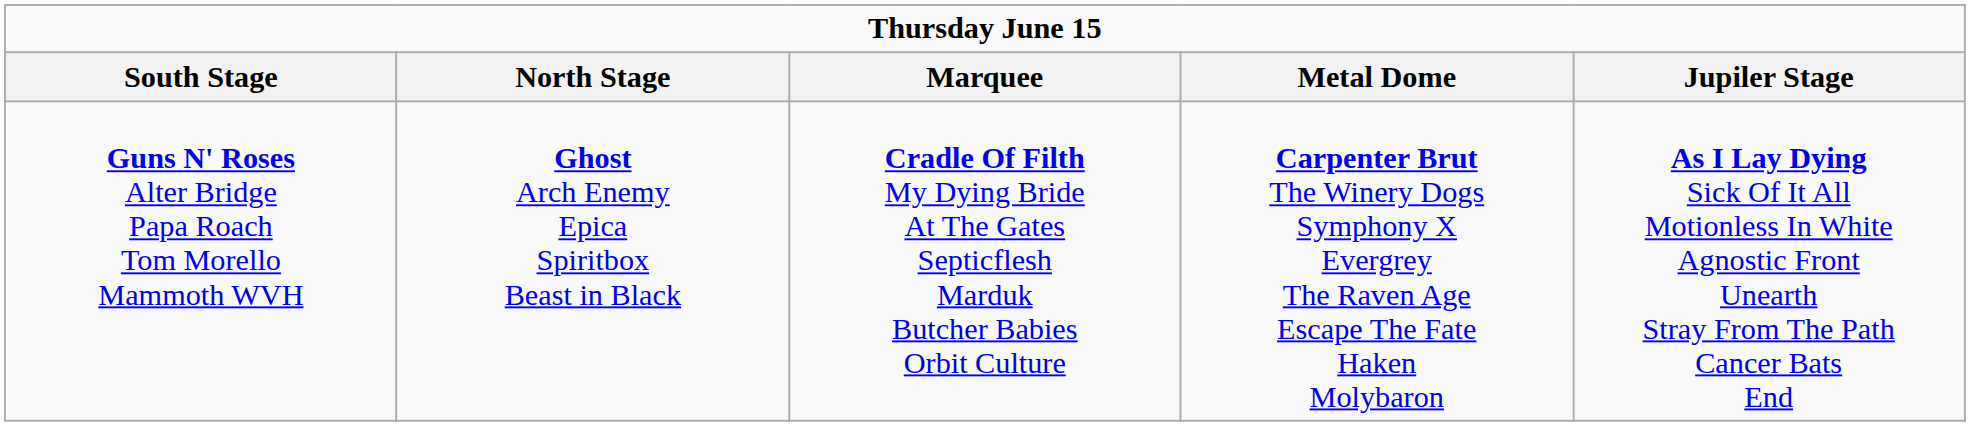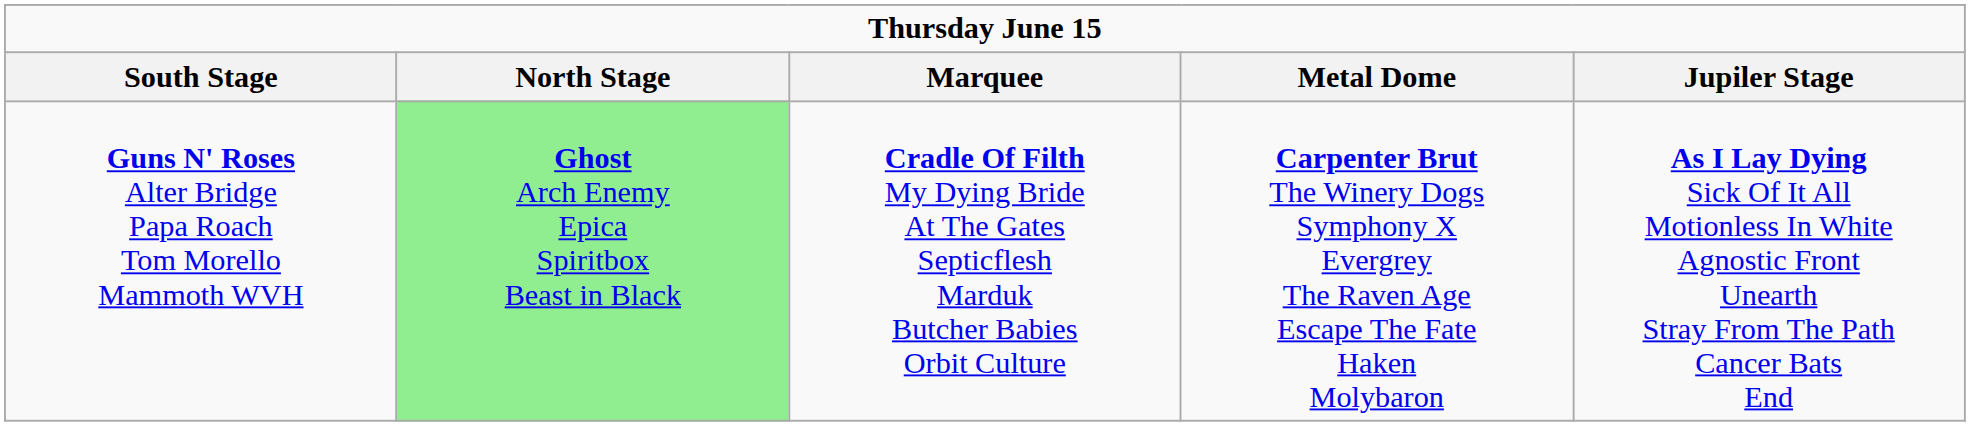 <table class="wikitable">
 <tr>
 <td colspan="5" style="text-align:center;"><strong>Thursday June 15</strong></td>
 </tr>
 <tr>
 <th>South Stage</th>
 <th>North Stage</th>
 <th>Marquee</th>
 <th>Metal Dome</th>
 <th>Jupiler Stage</th>
 </tr>
 <tr>
 <td style="text-align:center; vertical-align:top; width:200px;"><br><strong><a href='#'>Guns N' Roses</a></strong> <br> <a href='#'>Alter Bridge</a> <br> <a href='#'>Papa Roach</a> <br> <a href='#'>Tom Morello</a> <br> <a href='#'>Mammoth WVH</a> <br></td>
-<td style="text-align:center; vertical-align:top; width:200px;"><br><strong><a href='#'>Ghost</a></strong> <br> <a href='#'>Arch Enemy</a> <br> <a href='#'>Epica</a> <br> <a href='#'>Spiritbox</a> <br> <a href='#'>Beast in Black</a> <br></td>
+<td style="background: lightgreen; text-align:center; vertical-align:top; width:200px;"><br><strong><a href='#'>Ghost</a></strong> <br> <a href='#'>Arch Enemy</a> <br> <a href='#'>Epica</a> <br> <a href='#'>Spiritbox</a> <br> <a href='#'>Beast in Black</a> <br></td>
 <td style="text-align:center; vertical-align:top; width:200px;"><br><strong><a href='#'>Cradle Of Filth</a></strong> <br> <a href='#'>My Dying Bride</a> <br> <a href='#'>At The Gates</a> <br> <a href='#'>Septicflesh</a> <br> <a href='#'>Marduk</a> <br> <a href='#'>Butcher Babies</a> <br> <a href='#'>Orbit Culture</a> <br></td>
 <td style="text-align:center; vertical-align:top; width:200px;"><br><strong><a href='#'>Carpenter Brut</a></strong> <br> <a href='#'>The Winery Dogs</a> <br> <a href='#'>Symphony X</a> <br> <a href='#'>Evergrey</a> <br> <a href='#'>The Raven Age</a> <br> <a href='#'>Escape The Fate</a> <br> <a href='#'>Haken</a> <br> <a href='#'>Molybaron</a> <br></td>
 <td style="text-align:center; vertical-align:top; width:200px;"><br><strong><a href='#'>As I Lay Dying</a></strong> <br> <a href='#'>Sick Of It All</a> <br> <a href='#'>Motionless In White</a> <br> <a href='#'>Agnostic Front</a> <br> <a href='#'>Unearth</a> <br> <a href='#'>Stray From The Path</a> <br> <a href='#'>Cancer Bats</a> <br> <a href='#'>End</a> <br></td>
 </tr>
 </table>
